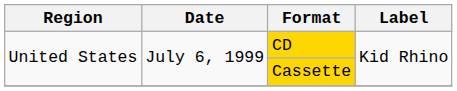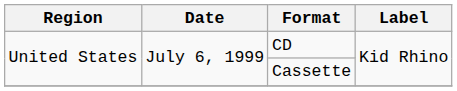 <table class="wikitable plainrowheaders">
 <tr>
 <th scope="col">Region</th>
 <th scope="col">Date</th>
 <th scope="col">Format</th>
 <th scope="col">Label</th>
 </tr>
 <tr>
 <td rowspan="2">United States</td>
 <td rowspan="2">July 6, 1999</td>
-<td style="background: gold;">CD</td>
+<td>CD</td>
 <td rowspan="2">Kid Rhino</td>
 </tr>
 <tr>
-<td style="background: gold;">Cassette</td>
+<td>Cassette</td>
 </tr>
 <tr>
 </tr>
 </table>
